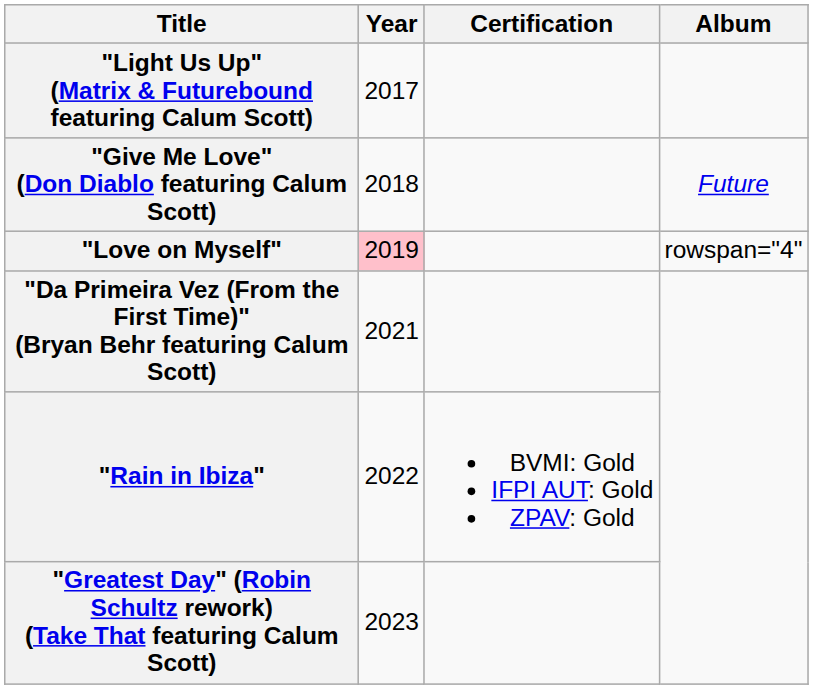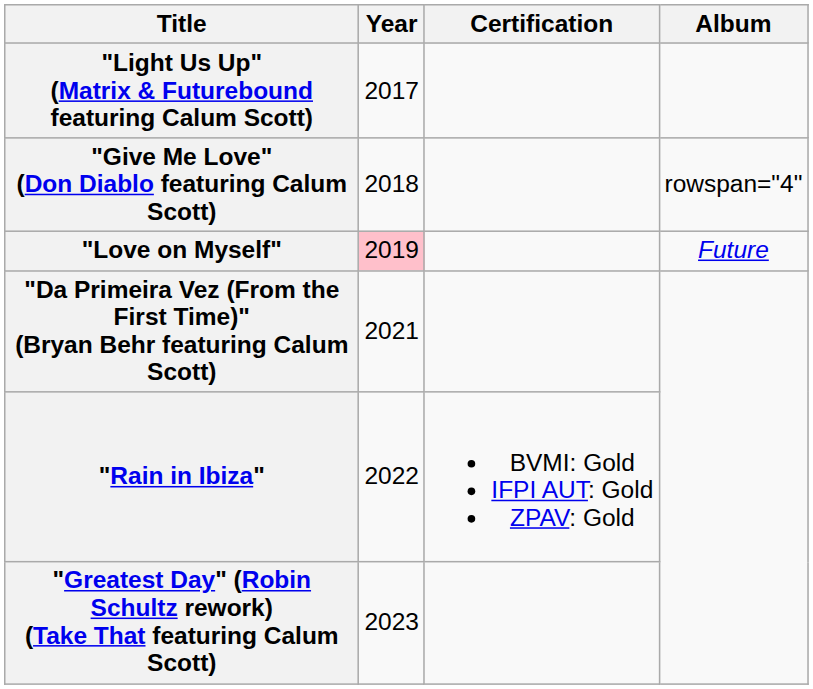 <table class="wikitable plainrowheaders" style="text-align:center;">
 <tr>
 <th scope="col" style="width:14em;">Title</th>
 <th scope="col">Year</th>
 <th scope="col">Certification</th>
 <th scope="col">Album</th>
 </tr>
 <tr>
 <th scope="row">"Light Us Up"<br><span>(<a href='#'>Matrix & Futurebound</a> featuring Calum Scott)</span></th>
 <td>2017</td>
 <td></td>
 <td></td>
 </tr>
 <tr>
 <th scope="row">"Give Me Love"<br><span>(<a href='#'>Don Diablo</a> featuring Calum Scott)</span></th>
 <td>2018</td>
 <td></td>
-<td><em><a href='#'>Future</a></em></td>
+<td>rowspan="4" </td>
 </tr>
 <tr>
 <th scope="row">"Love on Myself" <br></th>
 <td style="background: pink;">2019</td>
 <td></td>
-<td>rowspan="4" </td>
+<td><em><a href='#'>Future</a></em></td>
 </tr>
 <tr>
 <th scope="row">"Da Primeira Vez (From the First Time)"<br><span>(Bryan Behr featuring Calum Scott)</span></th>
 <td>2021</td>
 <td></td>
 </tr>
 <tr>
 <th scope="row">"<a href='#'>Rain in Ibiza</a>"<br></th>
 <td>2022</td>
 <td><br><ul><li>BVMI: Gold</li><li><a href='#'>IFPI AUT</a>: Gold</li><li><a href='#'>ZPAV</a>: Gold</li></ul></td>
 </tr>
 <tr>
 <th scope="row">"<a href='#'>Greatest Day</a>" (<a href='#'>Robin Schultz</a> rework)<br><span>(<a href='#'>Take That</a> featuring Calum Scott)</span></th>
 <td>2023</td>
 <td></td>
 </tr>
 </table>
